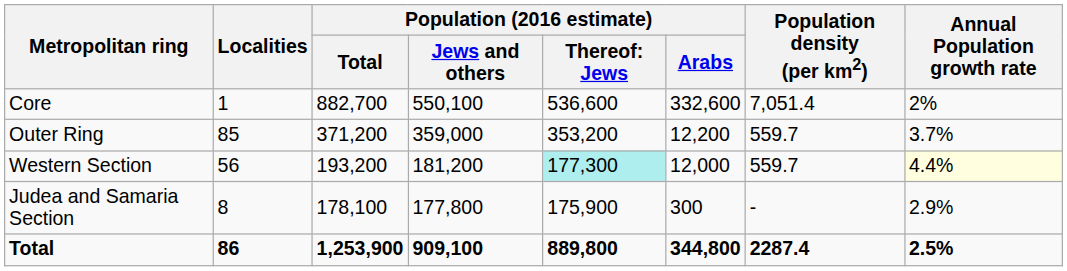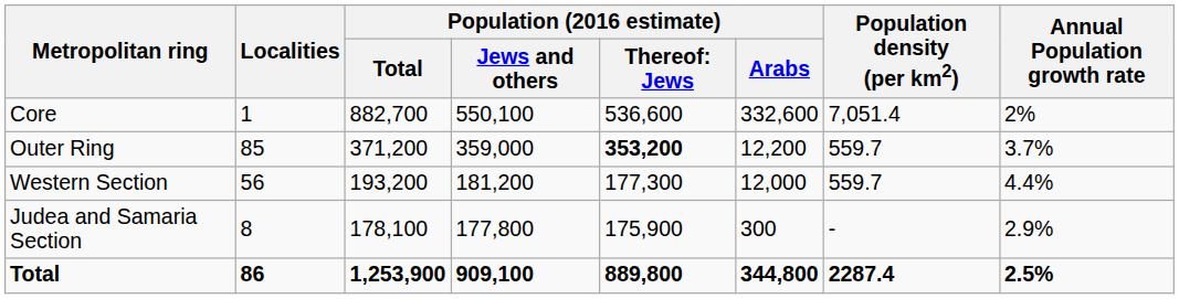 <table class="wikitable">
 <tr>
 <th rowspan="2">Metropolitan ring</th>
 <th rowspan="2">Localities</th>
 <th colspan="4">Population (2016 estimate)</th>
 <th rowspan="2">Population density<br>(per km<sup>2</sup>)</th>
 <th rowspan="2">Annual Population<br>growth rate</th>
 </tr>
 <tr>
 <th>Total</th>
 <th><a href='#'>Jews</a> and others</th>
 <th>Thereof: <a href='#'>Jews</a></th>
 <th><a href='#'>Arabs</a></th>
 </tr>
 <tr>
 <td>Core</td>
 <td>1</td>
 <td>882,700</td>
 <td>550,100</td>
 <td>536,600</td>
 <td>332,600</td>
 <td>7,051.4</td>
 <td>2%</td>
 </tr>
 <tr>
 <td>Outer Ring</td>
 <td>85</td>
 <td>371,200</td>
 <td>359,000</td>
-<td>353,200</td>
+<td><strong>353,200</strong></td>
 <td>12,200</td>
 <td>559.7</td>
 <td>3.7%</td>
 </tr>
 <tr>
 <td>Western Section</td>
 <td>56</td>
 <td>193,200</td>
 <td>181,200</td>
-<td style="background: paleturquoise;">177,300</td>
+<td>177,300</td>
 <td>12,000</td>
 <td>559.7</td>
-<td style="background: lightyellow;">4.4%</td>
+<td>4.4%</td>
 </tr>
 <tr>
 <td>Judea and Samaria Section</td>
 <td>8</td>
 <td>178,100</td>
 <td>177,800</td>
 <td>175,900</td>
 <td>300</td>
 <td>-</td>
 <td>2.9%</td>
 </tr>
 <tr>
 <td><strong>Total</strong></td>
 <td><strong>86</strong></td>
 <td><strong>1,253,900</strong></td>
 <td><strong>909,100</strong></td>
 <td><strong>889,800</strong></td>
 <td><strong>344,800</strong></td>
 <td><strong>2287.4</strong></td>
 <td><strong>2.5%</strong></td>
 </tr>
 </table>
